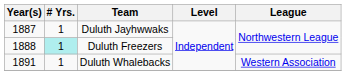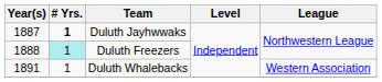 <table class="wikitable" style="text-align:center; font-size: 95%;">
 <tr>
 <th>Year(s)</th>
 <th># Yrs.</th>
 <th>Team</th>
 <th>Level</th>
 <th>League</th>
 </tr>
 <tr>
 <td>1887</td>
-<td>1</td>
+<td><strong>1</strong></td>
 <td>Duluth Jayhwwaks</td>
 <td rowspan=3><a href='#'>Independent</a></td>
 <td rowspan=2><a href='#'>Northwestern League</a></td>
 </tr>
 <tr>
 <td>1888</td>
 <td style="background: paleturquoise;">1</td>
 <td>Duluth Freezers</td>
 </tr>
 <tr>
 <td>1891</td>
 <td>1</td>
 <td>Duluth Whalebacks</td>
 <td><a href='#'>Western Association</a></td>
 </tr>
 <tr>
 </tr>
 </table>
